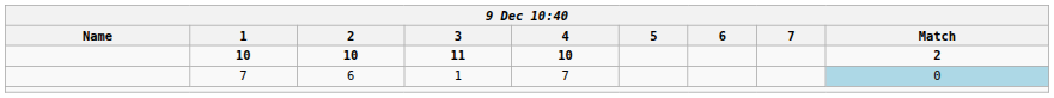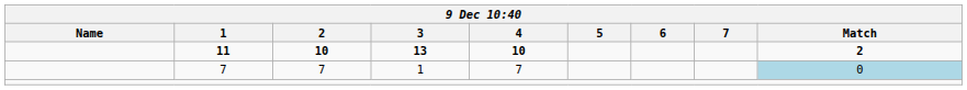 <table class=wikitable style="text-align:center; width: 55%">
 <tr>
 <th colspan=17><em>9 Dec 10:40</em></th>
 </tr>
 <tr>
 <th>Name</th>
 <th>1</th>
 <th>2</th>
 <th>3</th>
 <th>4</th>
 <th>5</th>
 <th>6</th>
 <th>7</th>
 <th>Match</th>
 </tr>
 <tr>
 <td style="text-align:left;"><strong></strong></td>
+<td><strong>11</strong></td>
 <td><strong>10</strong></td>
-<td><strong>10</strong></td>
-<td><strong>11</strong></td>
+<td><strong>13</strong></td>
 <td><strong>10</strong></td>
 <td></td>
 <td></td>
 <td></td>
 <td><strong>2</strong></td>
 </tr>
 <tr>
 <td style="text-align:left;"></td>
 <td>7</td>
-<td>6</td>
+<td>7</td>
 <td>1</td>
 <td>7</td>
 <td></td>
 <td></td>
 <td></td>
 <td style="background: lightblue;">0</td>
 </tr>
 <tr>
 <td colspan=17></td>
 </tr>
 </table>
